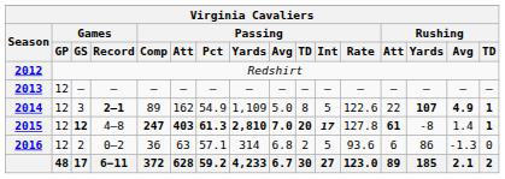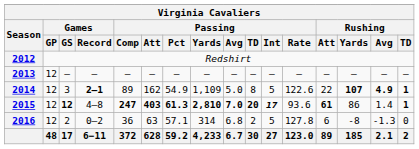 <table class="wikitable" style="text-align:center;">
 <tr College statistics>
 </tr>
 <tr>
 <th colspan="16">Virginia Cavaliers</th>
 </tr>
 <tr>
 <th rowspan="2">Season</th>
 <th colspan="3">Games</th>
 <th colspan="8">Passing</th>
 <th colspan="5">Rushing</th>
 </tr>
 <tr>
 <th>GP</th>
 <th>GS</th>
 <th>Record</th>
 <th>Comp</th>
 <th>Att</th>
 <th>Pct</th>
 <th>Yards</th>
 <th>Avg</th>
 <th>TD</th>
 <th>Int</th>
 <th>Rate</th>
 <th>Att</th>
 <th>Yards</th>
 <th>Avg</th>
 <th>TD</th>
 </tr>
 <tr>
 <th><a href='#'>2012</a></th>
 <td colspan="15"><em>Redshirt </em></td>
 </tr>
 <tr>
 <th><a href='#'>2013</a></th>
 <td>12</td>
 <td>–</td>
 <td>–</td>
 <td>–</td>
 <td>–</td>
 <td>–</td>
 <td>–</td>
 <td>–</td>
 <td>–</td>
 <td>–</td>
 <td>–</td>
 <td>–</td>
 <td>–</td>
 <td>–</td>
 <td>–</td>
 </tr>
 <tr>
 <th><a href='#'>2014</a></th>
 <td>12</td>
 <td>3</td>
 <td><strong>2–1</strong></td>
 <td>89</td>
 <td>162</td>
 <td>54.9</td>
 <td>1,109</td>
 <td>5.0</td>
 <td>8</td>
 <td>5</td>
 <td>122.6</td>
 <td>22</td>
 <td><strong>107</strong></td>
 <td><strong>4.9</strong></td>
 <td><strong>1</strong></td>
 </tr>
 <tr>
 <th><a href='#'>2015</a></th>
 <td>12</td>
 <td><strong>12</strong></td>
 <td>4–8</td>
 <td><strong>247</strong></td>
 <td><strong>403</strong></td>
 <td><strong>61.3</strong></td>
 <td><strong>2,810</strong></td>
 <td><strong>7.0</strong></td>
 <td><strong>20</strong></td>
 <td><strong><em>17</em></strong></td>
-<td>127.8</td>
+<td>93.6</td>
 <td><strong>61</strong></td>
-<td>-8</td>
+<td>86</td>
 <td>1.4</td>
 <td><strong>1</strong></td>
 </tr>
 <tr>
 <th><a href='#'>2016</a></th>
 <td>12</td>
 <td>2</td>
 <td>0–2</td>
 <td>36</td>
 <td>63</td>
 <td>57.1</td>
 <td>314</td>
 <td>6.8</td>
 <td>2</td>
 <td>5</td>
-<td>93.6</td>
+<td>127.8</td>
 <td>6</td>
-<td>86</td>
+<td>-8</td>
 <td>-1.3</td>
 <td>0</td>
 </tr>
 <tr>
 <th></th>
 <th>48</th>
 <th>17</th>
 <th>6−11</th>
 <th>372</th>
 <th>628</th>
 <th>59.2</th>
 <th>4,233</th>
 <th>6.7</th>
 <th>30</th>
 <th>27</th>
 <th>123.0</th>
 <th>89</th>
 <th>185</th>
 <th>2.1</th>
 <th>2</th>
 </tr>
 </table>
